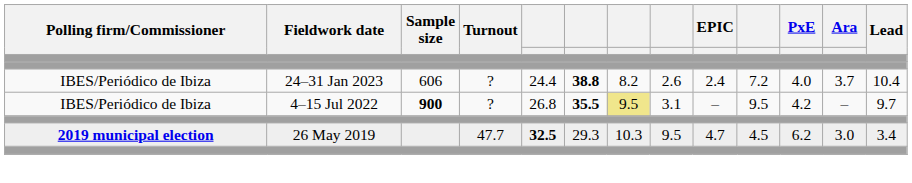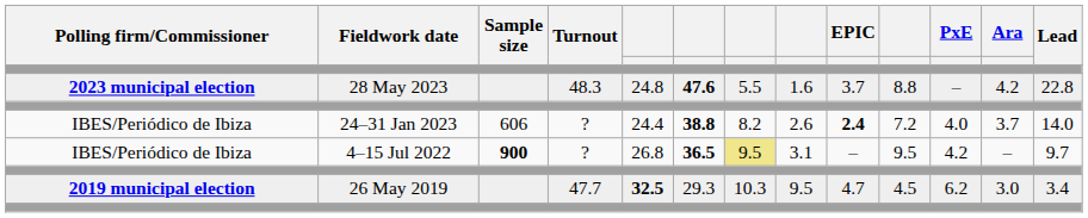 <table class="wikitable collapsible collapsed" style="text-align:center; font-size:95%; line-height:16px;">
 <tr style="height:42px;">
 <th style="width:250px;" rowspan="2">Polling firm/Commissioner</th>
 <th style="width:125px;" rowspan="2">Fieldwork date</th>
 <th style="width:50px;" rowspan="2">Sample size</th>
 <th style="width:45px;" rowspan="2">Turnout</th>
 <th style="width:35px;"></th>
 <th style="width:35px;"></th>
 <th style="width:35px;"></th>
 <th style="width:35px;"></th>
 <th style="width:35px;">EPIC</th>
 <th style="width:35px;"></th>
 <th style="width:35px;"><a href='#'>PxE</a></th>
 <th style="width:35px;"><a href='#'>Ara</a></th>
 <th style="width:30px;" rowspan="2">Lead</th>
 </tr>
 <tr>
 <th style="color:inherit;background:"></th>
 <th style="color:inherit;background:"></th>
 <th style="color:inherit;background:"></th>
 <th style="color:inherit;background:"></th>
 <th style="color:inherit;background:"></th>
 <th style="color:inherit;background:"></th>
 <th style="color:inherit;background:"></th>
 <th style="color:inherit;background:"></th>
 </tr>
 <tr>
 <td colspan="13" style="background:#A0A0A0"></td>
 </tr>
+<tr style="background:#EFEFEF;">
+<td><strong><a href='#'>2023 municipal election</a></strong></td>
+<td>28 May 2023</td>
+<td></td>
+<td>48.3</td>
+<td>24.8<br></td>
+<td><strong>47.6</strong><br></td>
+<td>5.5<br></td>
+<td>1.6<br></td>
+<td>3.7<br></td>
+<td>8.8<br></td>
+<td>–</td>
+<td>4.2<br></td>
+<td style="background:">22.8</td>
+</tr>
 <tr>
 <td colspan="13" style="background:#A0A0A0"></td>
 </tr>
 <tr>
 <td>IBES/Periódico de Ibiza</td>
 <td>24–31 Jan 2023</td>
 <td>606</td>
 <td>?</td>
 <td>24.4<br></td>
 <td><strong>38.8</strong><br></td>
 <td>8.2<br></td>
 <td>2.6<br></td>
-<td>2.4<br></td>
+<td><strong>2.4<br></strong></td>
 <td>7.2<br></td>
 <td>4.0<br></td>
 <td>3.7<br></td>
-<td style="background:">10.4</td>
+<td style="background:">14.0</td>
 </tr>
 <tr>
 <td>IBES/Periódico de Ibiza</td>
 <td>4–15 Jul 2022</td>
 <td><strong>900</strong></td>
 <td>?</td>
 <td>26.8<br></td>
-<td><strong>35.5</strong><br></td>
+<td><strong>36.5</strong><br></td>
 <td style="background: khaki;">9.5<br></td>
 <td>3.1<br></td>
 <td>–</td>
 <td>9.5<br></td>
 <td>4.2<br></td>
 <td>–</td>
 <td style="background:">9.7</td>
 </tr>
 <tr>
 <td colspan="13" style="background:#A0A0A0"></td>
 </tr>
 <tr style="background:#EFEFEF;">
 <td><strong><a href='#'>2019 municipal election</a></strong></td>
 <td>26 May 2019</td>
 <td></td>
 <td>47.7</td>
 <td><strong>32.5</strong><br></td>
 <td>29.3<br></td>
 <td>10.3<br></td>
 <td>9.5<br></td>
 <td>4.7<br></td>
 <td>4.5<br></td>
 <td>6.2<br></td>
 <td>3.0<br></td>
 <td style="background:">3.4</td>
 </tr>
 <tr>
 <td colspan="13" style="background:#A0A0A0"></td>
 </tr>
 </table>
